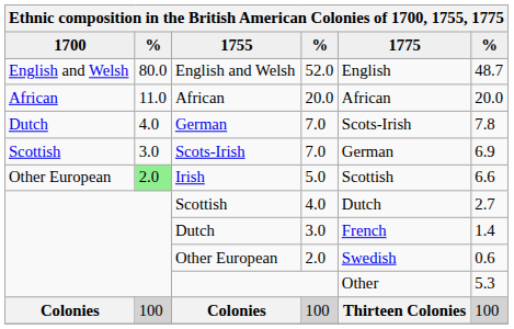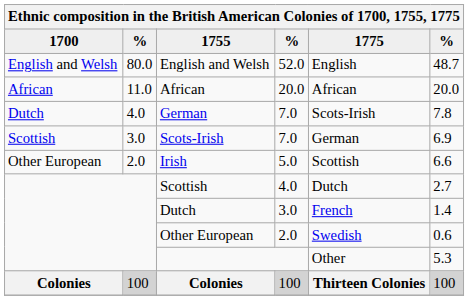 <table class="sort wikitable sortable" style="font-size: 90%">
 <tr>
 <th colspan="6">Ethnic composition in the British American Colonies of 1700, 1755, 1775 </th>
 </tr>
 <tr>
 <th style="background:#efefef">1700</th>
 <th style="background:#efefef">%</th>
 <th style="background:#efefef">1755</th>
 <th style="background:#efefef">%</th>
 <th style="background:#efefef">1775</th>
 <th style="background:#efefef">%</th>
 </tr>
 <tr>
 <td><a href='#'>English</a> and <a href='#'>Welsh</a></td>
 <td>80.0</td>
 <td>English and Welsh</td>
 <td>52.0</td>
 <td>English</td>
 <td>48.7</td>
 </tr>
 <tr>
 <td><a href='#'>African</a></td>
 <td>11.0</td>
 <td>African</td>
 <td>20.0</td>
 <td>African</td>
 <td>20.0</td>
 </tr>
 <tr>
 <td><a href='#'>Dutch</a></td>
 <td>4.0</td>
 <td><a href='#'>German</a></td>
 <td>7.0</td>
 <td>Scots-Irish</td>
 <td>7.8</td>
 </tr>
 <tr>
 <td><a href='#'>Scottish</a></td>
 <td>3.0</td>
 <td><a href='#'>Scots-Irish</a></td>
 <td>7.0</td>
 <td>German</td>
 <td>6.9</td>
 </tr>
 <tr>
 <td>Other European</td>
-<td style="background: lightgreen;">2.0</td>
+<td>2.0</td>
 <td><a href='#'>Irish</a></td>
 <td>5.0</td>
 <td>Scottish</td>
 <td>6.6</td>
 </tr>
 <tr>
 <td colspan="2" rowspan="4"></td>
 <td>Scottish</td>
 <td>4.0</td>
 <td>Dutch</td>
 <td>2.7</td>
 </tr>
 <tr>
 <td>Dutch</td>
 <td>3.0</td>
 <td><a href='#'>French</a></td>
 <td>1.4</td>
 </tr>
 <tr>
 <td>Other European</td>
 <td>2.0</td>
 <td><a href='#'>Swedish</a></td>
 <td>0.6</td>
 </tr>
 <tr>
 <td colspan="2"></td>
 <td>Other</td>
 <td>5.3</td>
 </tr>
 <tr bgcolor="lightgrey" class="sortbottom">
 <th>Colonies</th>
 <td>100</td>
 <th>Colonies</th>
 <td>100</td>
 <th>Thirteen Colonies</th>
 <td>100</td>
 </tr>
 <tr>
 </tr>
 </table>
